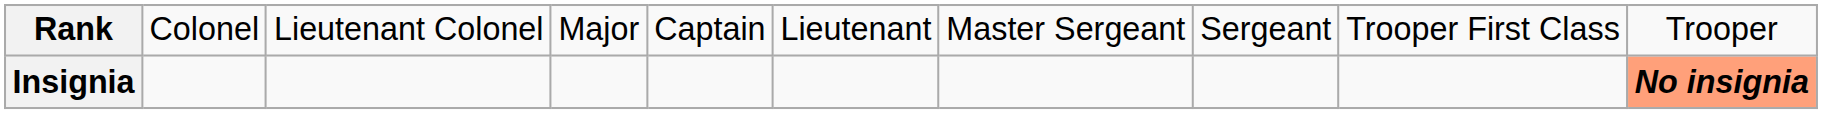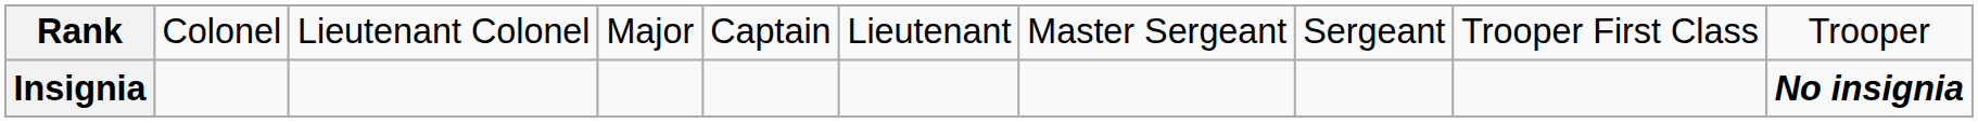 <table class="wikitable">
 <tr style="text-align:center;">
 <th>Rank</th>
 <td>Colonel</td>
 <td>Lieutenant Colonel</td>
 <td>Major</td>
 <td>Captain</td>
 <td>Lieutenant</td>
 <td>Master Sergeant</td>
 <td>Sergeant</td>
 <td>Trooper First Class</td>
 <td>Trooper</td>
 </tr>
 <tr style="text-align:center;">
 <th>Insignia</th>
 <td></td>
 <td></td>
 <td></td>
 <td></td>
 <td></td>
 <td></td>
 <td></td>
 <td></td>
-<td style="background: lightsalmon;"><strong><em>No insignia</em></strong></td>
+<td><strong><em>No insignia</em></strong></td>
 </tr>
 </table>
